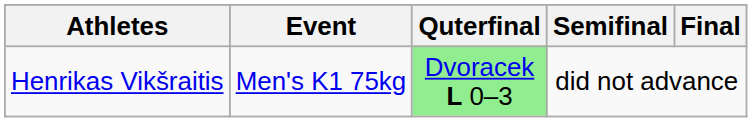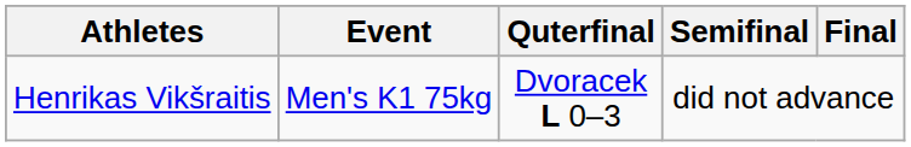 <table class="wikitable" style="font-size:90%;">
 <tr>
 <th>Athletes</th>
 <th>Event</th>
 <th>Quterfinal</th>
 <th>Semifinal</th>
 <th>Final</th>
 </tr>
 <tr align="center">
 <td align="left"><a href='#'>Henrikas Vikšraitis</a></td>
 <td align="left"><a href='#'>Men's K1 75kg</a></td>
-<td style="background: lightgreen;"> <a href='#'>Dvoracek</a> <br> <strong>L</strong> 0–3</td>
+<td> <a href='#'>Dvoracek</a> <br> <strong>L</strong> 0–3</td>
 <td colspan=2>did not advance</td>
 </tr>
 </table>
